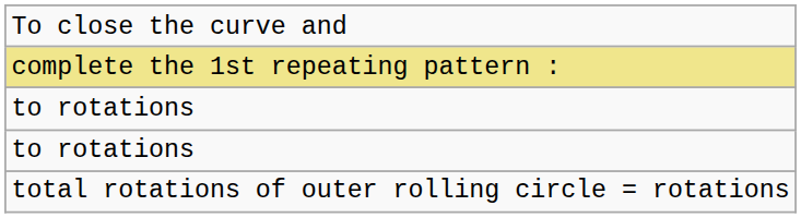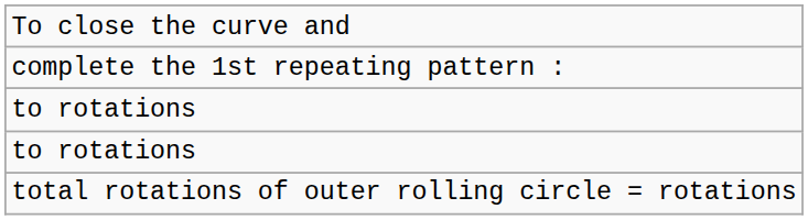 <table class="wikitable">
 <tr>
 <td>To close the curve and</td>
 </tr>
 <tr>
-<td style="background: khaki;">complete the 1st  repeating pattern :</td>
+<td>complete the 1st  repeating pattern :</td>
 </tr>
 <tr>
 <td> to  rotations</td>
 </tr>
 <tr>
 <td> to   rotations</td>
 </tr>
 <tr>
 <td>total rotations of  outer rolling circle =  rotations</td>
 </tr>
 </table>
